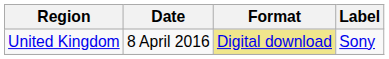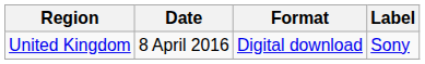 <table class=wikitable>
 <tr>
 <th>Region</th>
 <th>Date</th>
 <th>Format</th>
 <th>Label</th>
 </tr>
 <tr>
 <td><a href='#'>United Kingdom</a></td>
 <td>8 April 2016</td>
-<td style="background: khaki;"><a href='#'>Digital download</a></td>
+<td><a href='#'>Digital download</a></td>
 <td><a href='#'>Sony</a></td>
 </tr>
 <tr>
 </tr>
 </table>
